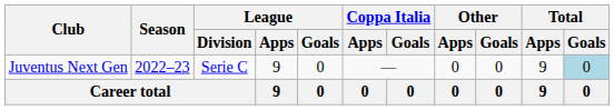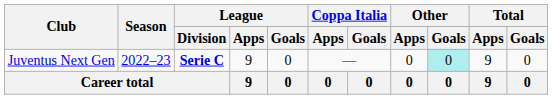 <table class="wikitable" style="text-align:center">
 <tr>
 <th rowspan="2">Club</th>
 <th rowspan="2">Season</th>
 <th colspan="3">League</th>
 <th colspan="2"><a href='#'>Coppa Italia</a></th>
 <th colspan="2">Other</th>
 <th colspan="2">Total</th>
 </tr>
 <tr>
 <th>Division</th>
 <th>Apps</th>
 <th>Goals</th>
 <th>Apps</th>
 <th>Goals</th>
 <th>Apps</th>
 <th>Goals</th>
 <th>Apps</th>
 <th>Goals</th>
 </tr>
 <tr>
 <td><a href='#'>Juventus Next Gen</a></td>
 <td><a href='#'>2022–23</a></td>
-<td><a href='#'>Serie C</a></td>
+<td><strong><a href='#'>Serie C</a></strong></td>
 <td>9</td>
 <td>0</td>
 <td colspan="2">—</td>
 <td>0</td>
+<td style="background: paleturquoise;">0</td>
+<td>9</td>
 <td>0</td>
-<td>9</td>
-<td style="background: lightblue;">0</td>
 </tr>
 <tr>
 <th colspan="3">Career total</th>
 <th>9</th>
 <th>0</th>
 <th>0</th>
 <th>0</th>
 <th>0</th>
 <th>0</th>
 <th>9</th>
 <th>0</th>
 </tr>
 </table>
